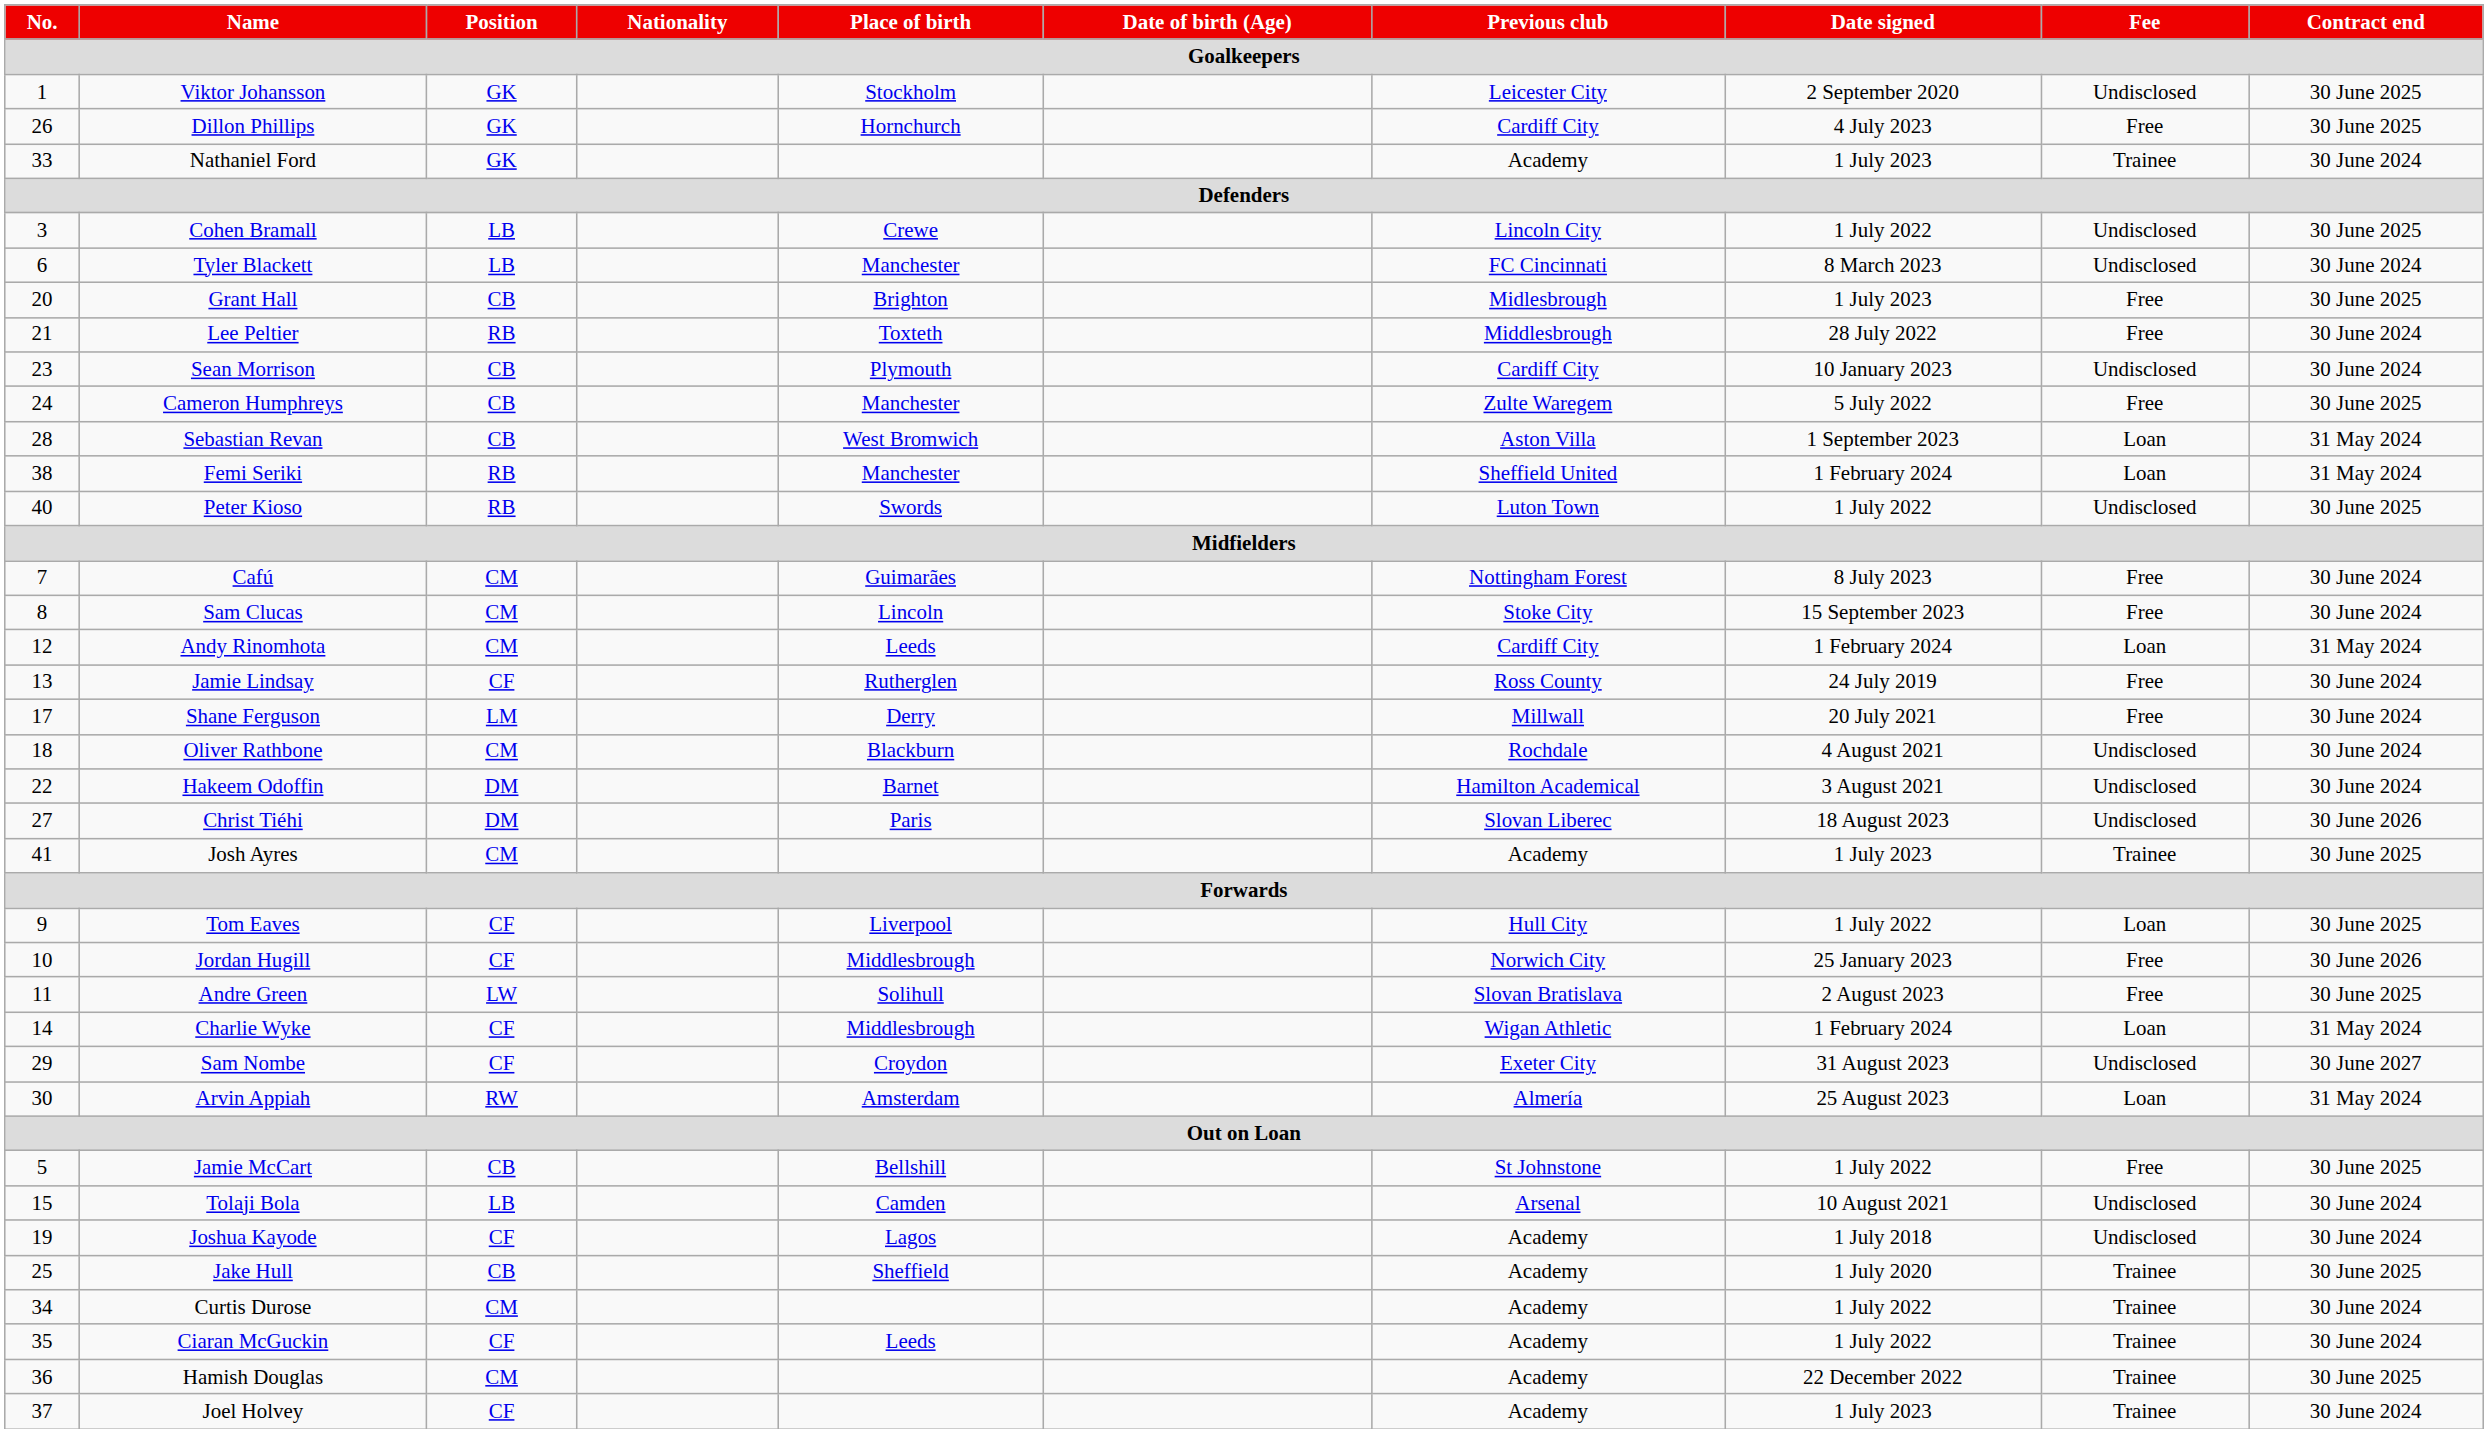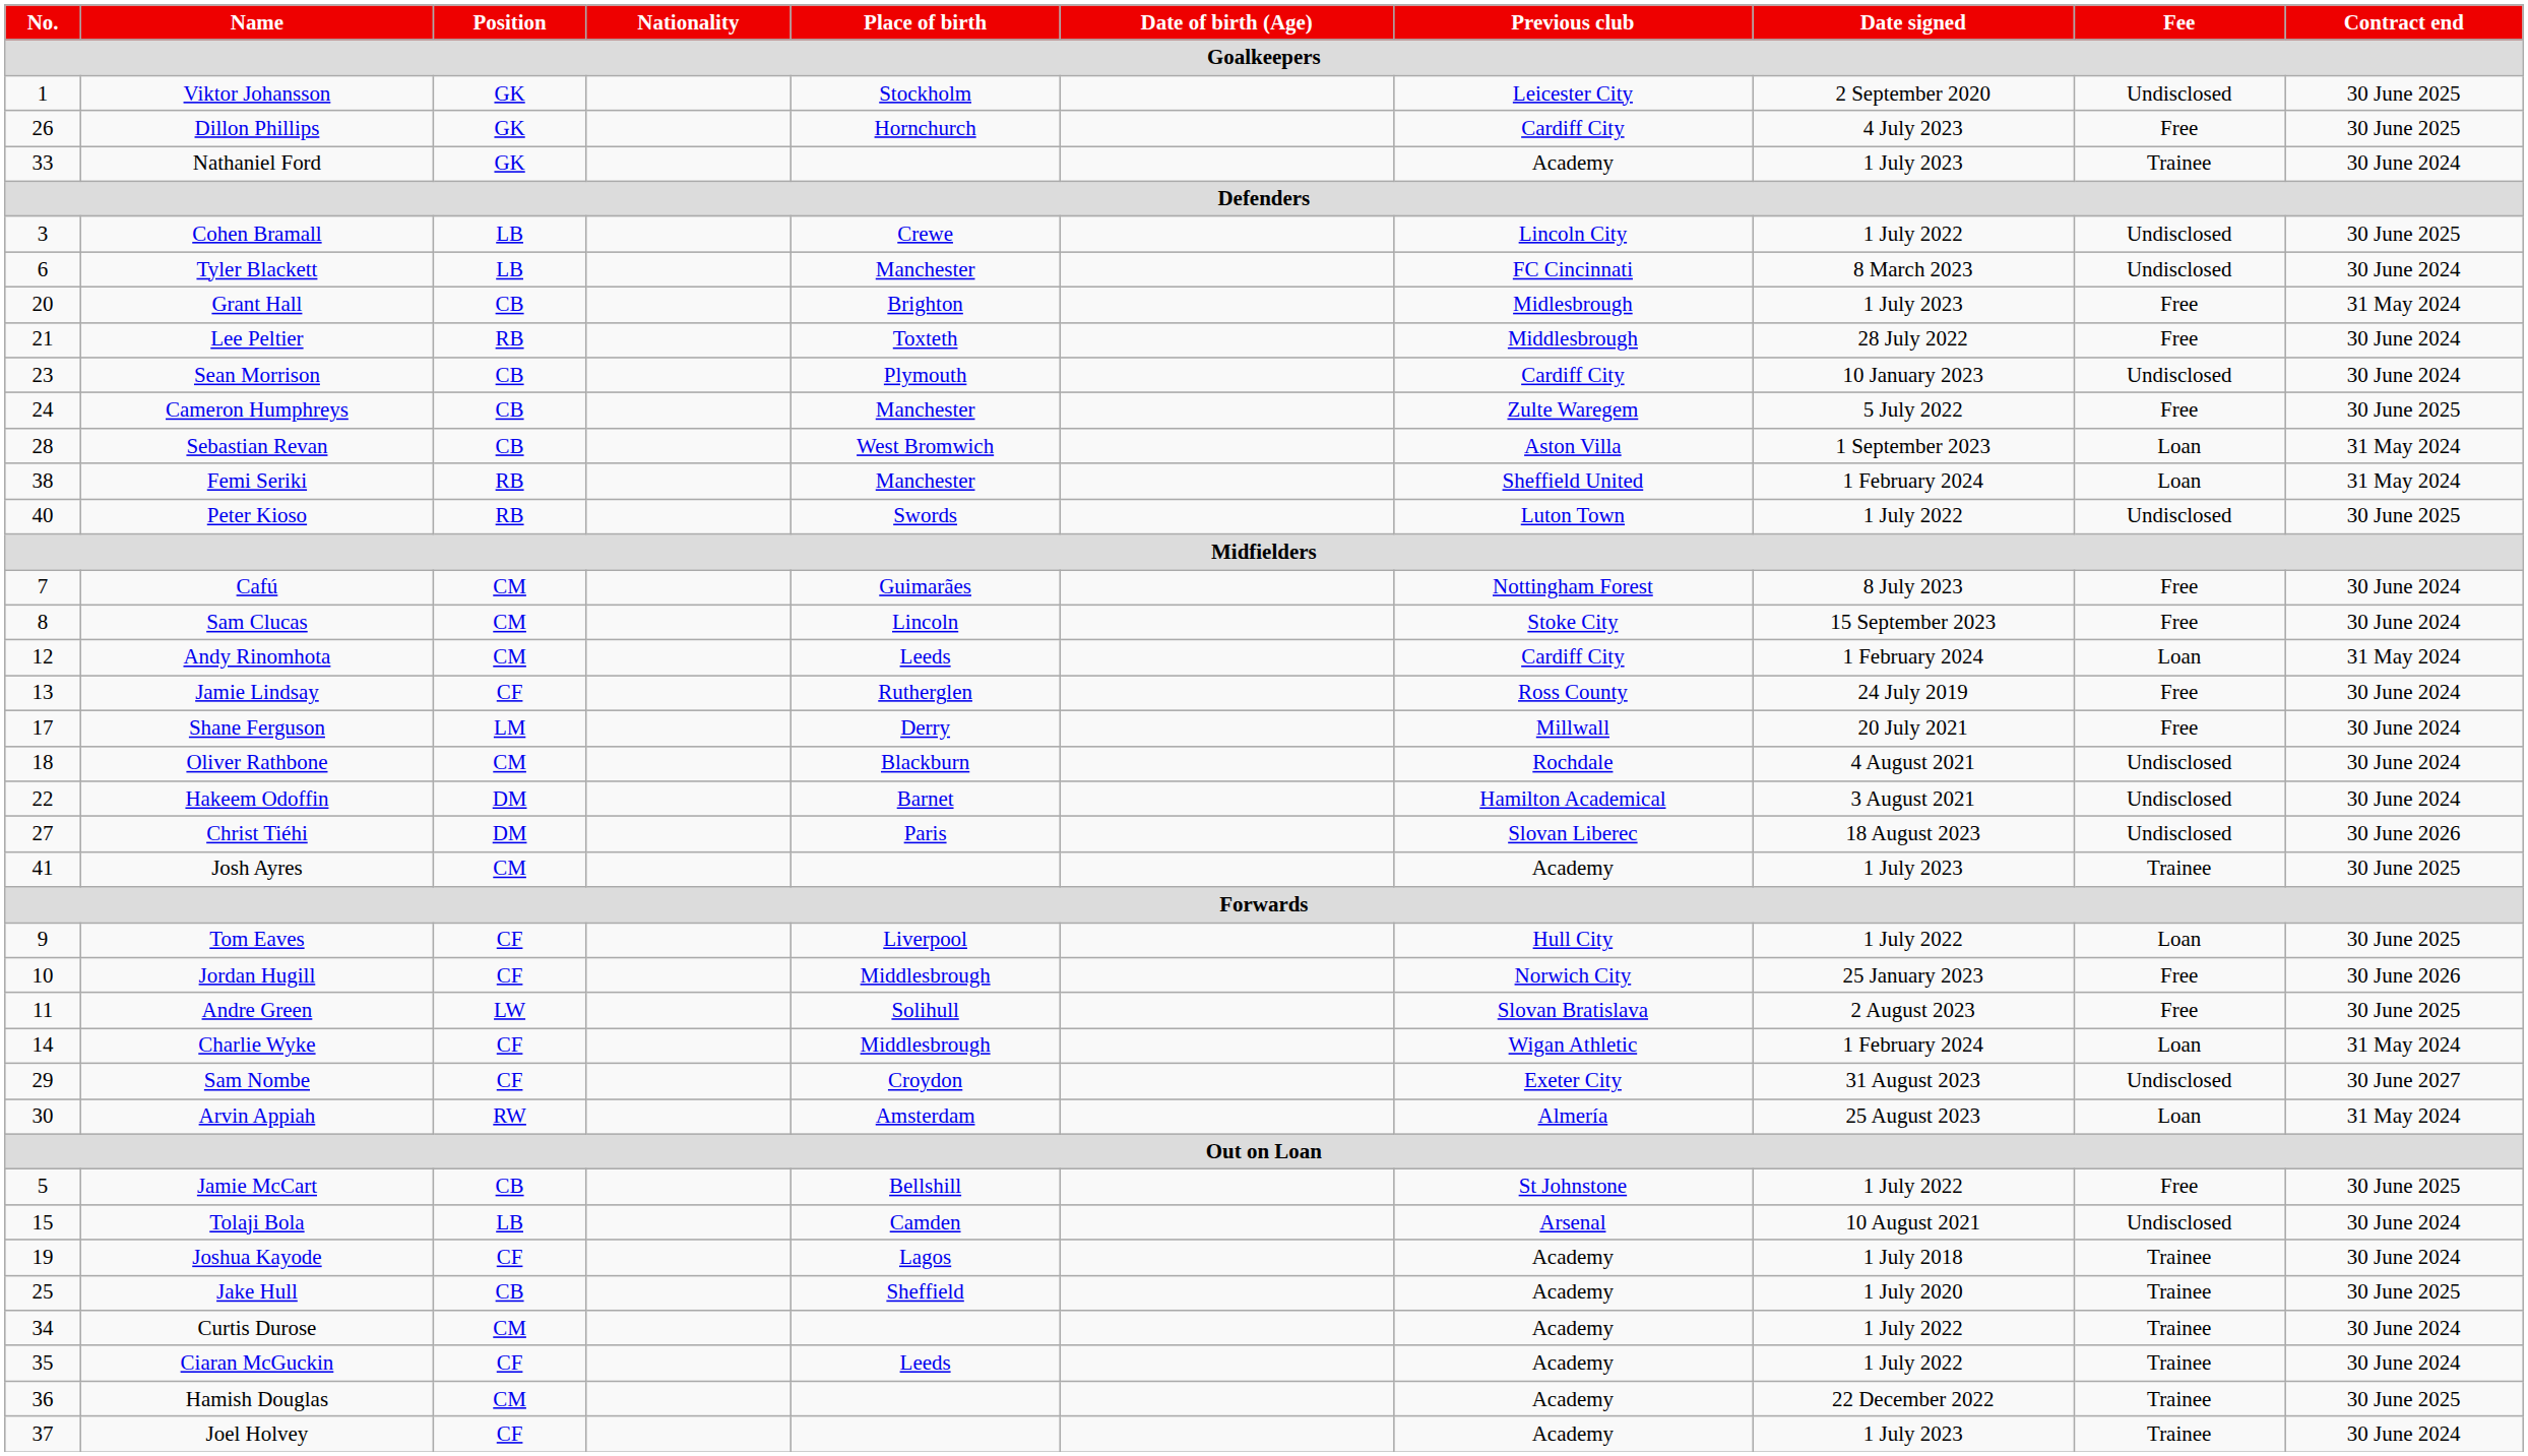 <table class="wikitable" style="text-align:center; font-size:84.5%; width:101%;">
 <tr>
 <th style="color:white; background:#e00; text-align:center;">No.</th>
 <th style="color:white; background:#e00; text-align:center;">Name</th>
 <th style="color:white; background:#e00; text-align:center;">Position</th>
 <th style="color:white; background:#e00; text-align:center;">Nationality</th>
 <th style="color:white; background:#e00; text-align:center;">Place of birth</th>
 <th style="color:white; background:#e00; text-align:center;">Date of birth (Age)</th>
 <th style="color:white; background:#e00; text-align:center;">Previous club</th>
 <th style="color:white; background:#e00; text-align:center;">Date signed</th>
 <th style="color:white; background:#e00; text-align:center;">Fee</th>
 <th style="color:white; background:#e00; text-align:center;">Contract end</th>
 </tr>
 <tr>
 <th colspan="14" style="background:#dcdcdc; tepxt-align:center;">Goalkeepers</th>
 </tr>
 <tr>
 <td>1</td>
 <td><a href='#'>Viktor Johansson</a></td>
 <td><a href='#'>GK</a></td>
 <td></td>
 <td><a href='#'>Stockholm</a></td>
 <td></td>
 <td><a href='#'>Leicester City</a></td>
 <td>2 September 2020</td>
 <td>Undisclosed</td>
 <td>30 June 2025</td>
 </tr>
 <tr>
 <td>26</td>
 <td><a href='#'>Dillon Phillips</a></td>
 <td><a href='#'>GK</a></td>
 <td></td>
 <td><a href='#'>Hornchurch</a></td>
 <td></td>
 <td> <a href='#'>Cardiff City</a></td>
 <td>4 July 2023</td>
 <td>Free</td>
 <td>30 June 2025</td>
 </tr>
 <tr>
 <td>33</td>
 <td>Nathaniel Ford</td>
 <td><a href='#'>GK</a></td>
 <td></td>
 <td></td>
 <td></td>
 <td>Academy</td>
 <td>1 July 2023</td>
 <td>Trainee</td>
 <td>30 June 2024</td>
 </tr>
 <tr>
 <th colspan="14" style="background:#dcdcdc; tepxt-align:center;">Defenders</th>
 </tr>
 <tr>
 <td>3</td>
 <td><a href='#'>Cohen Bramall</a></td>
 <td><a href='#'>LB</a></td>
 <td></td>
 <td><a href='#'>Crewe</a></td>
 <td></td>
 <td><a href='#'>Lincoln City</a></td>
 <td>1 July 2022</td>
 <td>Undisclosed</td>
 <td>30 June 2025</td>
 </tr>
 <tr>
 <td>6</td>
 <td><a href='#'>Tyler Blackett</a></td>
 <td><a href='#'>LB</a></td>
 <td></td>
 <td><a href='#'>Manchester</a></td>
 <td></td>
 <td> <a href='#'>FC Cincinnati</a></td>
 <td>8 March 2023</td>
 <td>Undisclosed</td>
 <td>30 June 2024</td>
 </tr>
 <tr>
 <td>20</td>
 <td><a href='#'>Grant Hall</a></td>
 <td><a href='#'>CB</a></td>
 <td></td>
 <td><a href='#'>Brighton</a></td>
 <td></td>
 <td><a href='#'>Midlesbrough</a></td>
 <td>1 July 2023</td>
 <td>Free</td>
-<td>30 June 2025</td>
+<td>31 May 2024</td>
 </tr>
 <tr>
 <td>21</td>
 <td><a href='#'>Lee Peltier</a></td>
 <td><a href='#'>RB</a></td>
 <td></td>
 <td><a href='#'>Toxteth</a></td>
 <td></td>
 <td><a href='#'>Middlesbrough</a></td>
 <td>28 July 2022</td>
 <td>Free</td>
 <td>30 June 2024</td>
 </tr>
 <tr>
 <td>23</td>
 <td><a href='#'>Sean Morrison</a></td>
 <td><a href='#'>CB</a></td>
 <td></td>
 <td><a href='#'>Plymouth</a></td>
 <td></td>
 <td> <a href='#'>Cardiff City</a></td>
 <td>10 January 2023</td>
 <td>Undisclosed</td>
 <td>30 June 2024</td>
 </tr>
 <tr>
 <td>24</td>
 <td><a href='#'>Cameron Humphreys</a></td>
 <td><a href='#'>CB</a></td>
 <td></td>
 <td><a href='#'>Manchester</a></td>
 <td></td>
 <td> <a href='#'>Zulte Waregem</a></td>
 <td>5 July 2022</td>
 <td>Free</td>
 <td>30 June 2025</td>
 </tr>
 <tr>
 <td>28</td>
 <td><a href='#'>Sebastian Revan</a></td>
 <td><a href='#'>CB</a></td>
 <td></td>
 <td><a href='#'>West Bromwich</a></td>
 <td></td>
 <td><a href='#'>Aston Villa</a></td>
 <td>1 September 2023</td>
 <td>Loan</td>
 <td>31 May 2024</td>
 </tr>
 <tr>
 <td>38</td>
 <td><a href='#'>Femi Seriki</a></td>
 <td><a href='#'>RB</a></td>
 <td></td>
 <td><a href='#'>Manchester</a></td>
 <td></td>
 <td><a href='#'>Sheffield United</a></td>
 <td>1 February 2024</td>
 <td>Loan</td>
 <td>31 May 2024</td>
 </tr>
 <tr>
 <td>40</td>
 <td><a href='#'>Peter Kioso</a></td>
 <td><a href='#'>RB</a></td>
 <td></td>
 <td><a href='#'>Swords</a></td>
 <td></td>
 <td><a href='#'>Luton Town</a></td>
 <td>1 July 2022</td>
 <td>Undisclosed</td>
 <td>30 June 2025</td>
 </tr>
 <tr>
 <th colspan="14" style="background:#dcdcdc; tepxt-align:center;">Midfielders</th>
 </tr>
 <tr>
 <td>7</td>
 <td><a href='#'>Cafú</a></td>
 <td><a href='#'>CM</a></td>
 <td></td>
 <td><a href='#'>Guimarães</a></td>
 <td></td>
 <td><a href='#'>Nottingham Forest</a></td>
 <td>8 July 2023</td>
 <td>Free</td>
 <td>30 June 2024</td>
 </tr>
 <tr>
 <td>8</td>
 <td><a href='#'>Sam Clucas</a></td>
 <td><a href='#'>CM</a></td>
 <td></td>
 <td><a href='#'>Lincoln</a></td>
 <td></td>
 <td><a href='#'>Stoke City</a></td>
 <td>15 September 2023</td>
 <td>Free</td>
 <td>30 June 2024</td>
 </tr>
 <tr>
 <td>12</td>
 <td><a href='#'>Andy Rinomhota</a></td>
 <td><a href='#'>CM</a></td>
 <td></td>
 <td> <a href='#'>Leeds</a></td>
 <td></td>
 <td> <a href='#'>Cardiff City</a></td>
 <td>1 February 2024</td>
 <td>Loan</td>
 <td>31 May 2024</td>
 </tr>
 <tr>
 <td>13</td>
 <td><a href='#'>Jamie Lindsay</a></td>
 <td><a href='#'>CF</a></td>
 <td></td>
 <td><a href='#'>Rutherglen</a></td>
 <td></td>
 <td> <a href='#'>Ross County</a></td>
 <td>24 July 2019</td>
 <td>Free</td>
 <td>30 June 2024</td>
 </tr>
 <tr>
 <td>17</td>
 <td><a href='#'>Shane Ferguson</a></td>
 <td><a href='#'>LM</a></td>
 <td></td>
 <td><a href='#'>Derry</a></td>
 <td></td>
 <td><a href='#'>Millwall</a></td>
 <td>20 July 2021</td>
 <td>Free</td>
 <td>30 June 2024</td>
 </tr>
 <tr>
 <td>18</td>
 <td><a href='#'>Oliver Rathbone</a></td>
 <td><a href='#'>CM</a></td>
 <td></td>
 <td><a href='#'>Blackburn</a></td>
 <td></td>
 <td><a href='#'>Rochdale</a></td>
 <td>4 August 2021</td>
 <td>Undisclosed</td>
 <td>30 June 2024</td>
 </tr>
 <tr>
 <td>22</td>
 <td><a href='#'>Hakeem Odoffin</a></td>
 <td><a href='#'>DM</a></td>
 <td></td>
 <td><a href='#'>Barnet</a></td>
 <td></td>
 <td> <a href='#'>Hamilton Academical</a></td>
 <td>3 August 2021</td>
 <td>Undisclosed</td>
 <td>30 June 2024</td>
 </tr>
 <tr>
 <td>27</td>
 <td><a href='#'>Christ Tiéhi</a></td>
 <td><a href='#'>DM</a></td>
 <td></td>
 <td> <a href='#'>Paris</a></td>
 <td></td>
 <td> <a href='#'>Slovan Liberec</a></td>
 <td>18 August 2023</td>
 <td>Undisclosed</td>
 <td>30 June 2026</td>
 </tr>
 <tr>
 <td>41</td>
 <td>Josh Ayres</td>
 <td><a href='#'>CM</a></td>
 <td></td>
 <td></td>
 <td></td>
 <td>Academy</td>
 <td>1 July 2023</td>
 <td>Trainee</td>
 <td>30 June 2025</td>
 </tr>
 <tr>
 <th colspan="14" style="background:#dcdcdc; tepxt-align:center;">Forwards</th>
 </tr>
 <tr>
 <td>9</td>
 <td><a href='#'>Tom Eaves</a></td>
 <td><a href='#'>CF</a></td>
 <td></td>
 <td><a href='#'>Liverpool</a></td>
 <td></td>
 <td><a href='#'>Hull City</a></td>
 <td>1 July 2022</td>
 <td>Loan</td>
 <td>30 June 2025</td>
 </tr>
 <tr>
 <td>10</td>
 <td><a href='#'>Jordan Hugill</a></td>
 <td><a href='#'>CF</a></td>
 <td></td>
 <td><a href='#'>Middlesbrough</a></td>
 <td></td>
 <td><a href='#'>Norwich City</a></td>
 <td>25 January 2023</td>
 <td>Free</td>
 <td>30 June 2026</td>
 </tr>
 <tr>
 <td>11</td>
 <td><a href='#'>Andre Green</a></td>
 <td><a href='#'>LW</a></td>
 <td></td>
 <td><a href='#'>Solihull</a></td>
 <td></td>
 <td> <a href='#'>Slovan Bratislava</a></td>
 <td>2 August 2023</td>
 <td>Free</td>
 <td>30 June 2025</td>
 </tr>
 <tr>
 <td>14</td>
 <td><a href='#'>Charlie Wyke</a></td>
 <td><a href='#'>CF</a></td>
 <td></td>
 <td><a href='#'>Middlesbrough</a></td>
 <td></td>
 <td><a href='#'>Wigan Athletic</a></td>
 <td>1 February 2024</td>
 <td>Loan</td>
 <td>31 May 2024</td>
 </tr>
 <tr>
 <td>29</td>
 <td><a href='#'>Sam Nombe</a></td>
 <td><a href='#'>CF</a></td>
 <td></td>
 <td><a href='#'>Croydon</a></td>
 <td></td>
 <td><a href='#'>Exeter City</a></td>
 <td>31 August 2023</td>
 <td>Undisclosed</td>
 <td>30 June 2027</td>
 </tr>
 <tr>
 <td>30</td>
 <td><a href='#'>Arvin Appiah</a></td>
 <td><a href='#'>RW</a></td>
 <td></td>
 <td> <a href='#'>Amsterdam</a></td>
 <td></td>
 <td> <a href='#'>Almería</a></td>
 <td>25 August 2023</td>
 <td>Loan</td>
 <td>31 May 2024</td>
 </tr>
 <tr>
 <th colspan="14" style="background:#dcdcdc; tepxt-align:center;">Out on Loan</th>
 </tr>
 <tr>
 <td>5</td>
 <td><a href='#'>Jamie McCart</a></td>
 <td><a href='#'>CB</a></td>
 <td></td>
 <td><a href='#'>Bellshill</a></td>
 <td></td>
 <td> <a href='#'>St Johnstone</a></td>
 <td>1 July 2022</td>
 <td>Free</td>
 <td>30 June 2025</td>
 </tr>
 <tr>
 <td>15</td>
 <td><a href='#'>Tolaji Bola</a></td>
 <td><a href='#'>LB</a></td>
 <td></td>
 <td><a href='#'>Camden</a></td>
 <td></td>
 <td><a href='#'>Arsenal</a></td>
 <td>10 August 2021</td>
 <td>Undisclosed</td>
 <td>30 June 2024</td>
 </tr>
 <tr>
 <td>19</td>
 <td><a href='#'>Joshua Kayode</a></td>
 <td><a href='#'>CF</a></td>
 <td></td>
 <td> <a href='#'>Lagos</a></td>
 <td></td>
 <td>Academy</td>
 <td>1 July 2018</td>
-<td>Undisclosed</td>
+<td>Trainee</td>
 <td>30 June 2024</td>
 </tr>
 <tr>
 <td>25</td>
 <td><a href='#'>Jake Hull</a></td>
 <td><a href='#'>CB</a></td>
 <td></td>
 <td><a href='#'>Sheffield</a></td>
 <td></td>
 <td>Academy</td>
 <td>1 July 2020</td>
 <td>Trainee</td>
 <td>30 June 2025</td>
 </tr>
 <tr>
 <td>34</td>
 <td>Curtis Durose</td>
 <td><a href='#'>CM</a></td>
 <td></td>
 <td></td>
 <td></td>
 <td>Academy</td>
 <td>1 July 2022</td>
 <td>Trainee</td>
 <td>30 June 2024</td>
 </tr>
 <tr>
 <td>35</td>
 <td><a href='#'>Ciaran McGuckin</a></td>
 <td><a href='#'>CF</a></td>
 <td></td>
 <td><a href='#'>Leeds</a></td>
 <td></td>
 <td>Academy</td>
 <td>1 July 2022</td>
 <td>Trainee</td>
 <td>30 June 2024</td>
 </tr>
 <tr>
 <td>36</td>
 <td>Hamish Douglas</td>
 <td><a href='#'>CM</a></td>
 <td></td>
 <td></td>
 <td></td>
 <td>Academy</td>
 <td>22 December 2022</td>
 <td>Trainee</td>
 <td>30 June 2025</td>
 </tr>
 <tr>
 <td>37</td>
 <td>Joel Holvey</td>
 <td><a href='#'>CF</a></td>
 <td></td>
 <td></td>
 <td></td>
 <td>Academy</td>
 <td>1 July 2023</td>
 <td>Trainee</td>
 <td>30 June 2024</td>
 </tr>
 </table>
